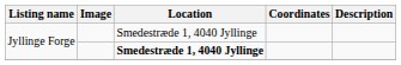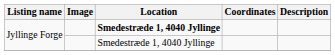 <table class="wikitable sortable">
 <tr>
 <th>Listing name</th>
 <th>Image</th>
 <th>Location</th>
 <th>Coordinates</th>
 <th>Description</th>
 </tr>
 <tr>
 <td rowspan="2">Jyllinge Forge</td>
 <td></td>
-<td>Smedestræde 1, 4040 Jyllinge</td>
+<td><strong>Smedestræde 1, 4040 Jyllinge</strong></td>
 <td></td>
 <td></td>
 </tr>
 <tr>
 <td></td>
-<td><strong>Smedestræde 1, 4040 Jyllinge</strong></td>
+<td>Smedestræde 1, 4040 Jyllinge</td>
 <td></td>
 <td></td>
 </tr>
 <tr>
 </tr>
 </table>
